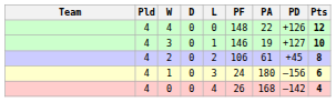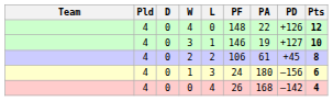 <table class="wikitable" style="text-align:center;">
 <tr>
 <th width=175>Team</th>
 <th width=25 abbr="Played">Pld</th>
+<th width=25 abbr="Drawn">D</th>
 <th width=25 abbr="Won">W</th>
-<th width=25 abbr="Drawn">D</th>
 <th width=25 abbr="Lost">L</th>
 <th width=32 abbr="Points for">PF</th>
 <th width=32 abbr="Points against">PA</th>
 <th width=32 abbr="Points difference">PD</th>
 <th width=25 abbr="Points">Pts</th>
 </tr>
 <tr bgcolor=ccffcc>
 <td align=left></td>
 <td>4</td>
+<td>0</td>
 <td>4</td>
-<td>0</td>
 <td>0</td>
 <td>148</td>
 <td>22</td>
 <td>+126</td>
 <td><strong>12</strong></td>
 </tr>
 <tr bgcolor=ccffcc>
 <td align=left></td>
 <td>4</td>
+<td>0</td>
 <td>3</td>
-<td>0</td>
 <td>1</td>
 <td>146</td>
 <td>19</td>
 <td>+127</td>
 <td><strong>10</strong></td>
 </tr>
 <tr bgcolor=ccccff>
 <td align=left></td>
 <td>4</td>
+<td>0</td>
 <td>2</td>
-<td>0</td>
 <td>2</td>
 <td>106</td>
 <td>61</td>
 <td>+45</td>
 <td><strong>8</strong></td>
 </tr>
 <tr bgcolor=ffffcc>
 <td align=left></td>
 <td>4</td>
+<td>0</td>
 <td>1</td>
-<td>0</td>
 <td>3</td>
 <td>24</td>
 <td>180</td>
 <td>–156</td>
 <td><strong>6</strong></td>
 </tr>
 <tr bgcolor=ffcccc>
 <td align=left></td>
 <td>4</td>
 <td>0</td>
 <td>0</td>
 <td>4</td>
 <td>26</td>
 <td>168</td>
 <td>–142</td>
 <td><strong>4</strong></td>
 </tr>
 </table>
